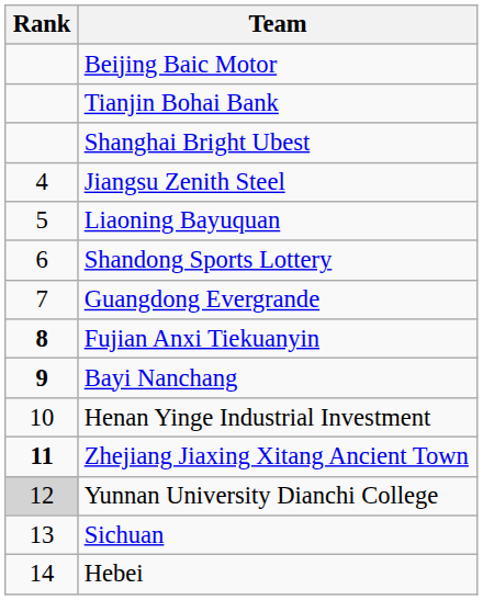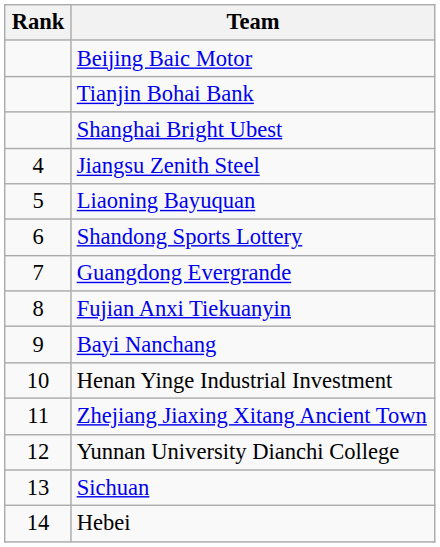 <table class="wikitable" style="text-align:center;">
 <tr>
 <th width=40>Rank</th>
 <th width=250>Team</th>
 </tr>
 <tr>
 <td></td>
 <td style="text-align:left;"><a href='#'>Beijing Baic Motor</a></td>
 </tr>
 <tr>
 <td></td>
 <td style="text-align:left;"><a href='#'>Tianjin Bohai Bank</a></td>
 </tr>
 <tr>
 <td></td>
 <td style="text-align:left;"><a href='#'>Shanghai Bright Ubest</a></td>
 </tr>
 <tr>
 <td>4</td>
 <td style="text-align:left;"><a href='#'>Jiangsu Zenith Steel</a></td>
 </tr>
 <tr>
 <td>5</td>
 <td style="text-align:left;"><a href='#'>Liaoning Bayuquan</a></td>
 </tr>
 <tr>
 <td>6</td>
 <td style="text-align:left;"><a href='#'>Shandong Sports Lottery</a></td>
 </tr>
 <tr>
 <td>7</td>
 <td style="text-align:left;"><a href='#'>Guangdong Evergrande</a></td>
 </tr>
 <tr>
-<td><strong>8</strong></td>
+<td>8</td>
 <td style="text-align:left;"><a href='#'>Fujian Anxi Tiekuanyin</a></td>
 </tr>
 <tr>
-<td><strong>9</strong></td>
+<td>9</td>
 <td style="text-align:left;"><a href='#'>Bayi Nanchang</a></td>
 </tr>
 <tr>
 <td>10</td>
 <td style="text-align:left;">Henan Yinge Industrial Investment</td>
 </tr>
 <tr>
-<td><strong>11</strong></td>
+<td>11</td>
 <td style="text-align:left;"><a href='#'>Zhejiang Jiaxing Xitang Ancient Town</a></td>
 </tr>
 <tr>
-<td style="background: lightgrey;">12</td>
+<td>12</td>
 <td style="text-align:left;">Yunnan University Dianchi College</td>
 </tr>
 <tr>
 <td>13</td>
 <td style="text-align:left;"><a href='#'>Sichuan</a></td>
 </tr>
 <tr>
 <td>14</td>
 <td style="text-align:left;">Hebei</td>
 </tr>
 </table>
